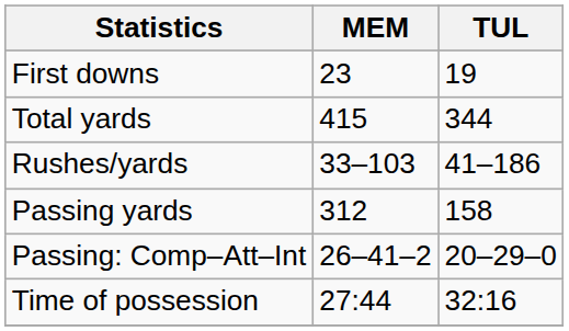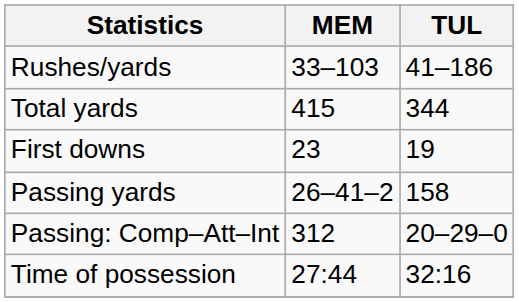 <table class="wikitable" style="float: left;">
 <tr>
 <th>Statistics</th>
 <th>MEM</th>
 <th>TUL</th>
 </tr>
 <tr>
-<td>First downs</td>
-<td>23</td>
-<td>19</td>
+<td>Rushes/yards</td>
+<td>33–103</td>
+<td>41–186</td>
 </tr>
 <tr>
 <td>Total yards</td>
 <td>415</td>
 <td>344</td>
 </tr>
 <tr>
-<td>Rushes/yards</td>
-<td>33–103</td>
-<td>41–186</td>
+<td>First downs</td>
+<td>23</td>
+<td>19</td>
 </tr>
 <tr>
 <td>Passing yards</td>
-<td>312</td>
+<td>26–41–2</td>
 <td>158</td>
 </tr>
 <tr>
 <td>Passing: Comp–Att–Int</td>
-<td>26–41–2</td>
+<td>312</td>
 <td>20–29–0</td>
 </tr>
 <tr>
 <td>Time of possession</td>
 <td>27:44</td>
 <td>32:16</td>
 </tr>
 <tr>
 </tr>
 </table>
